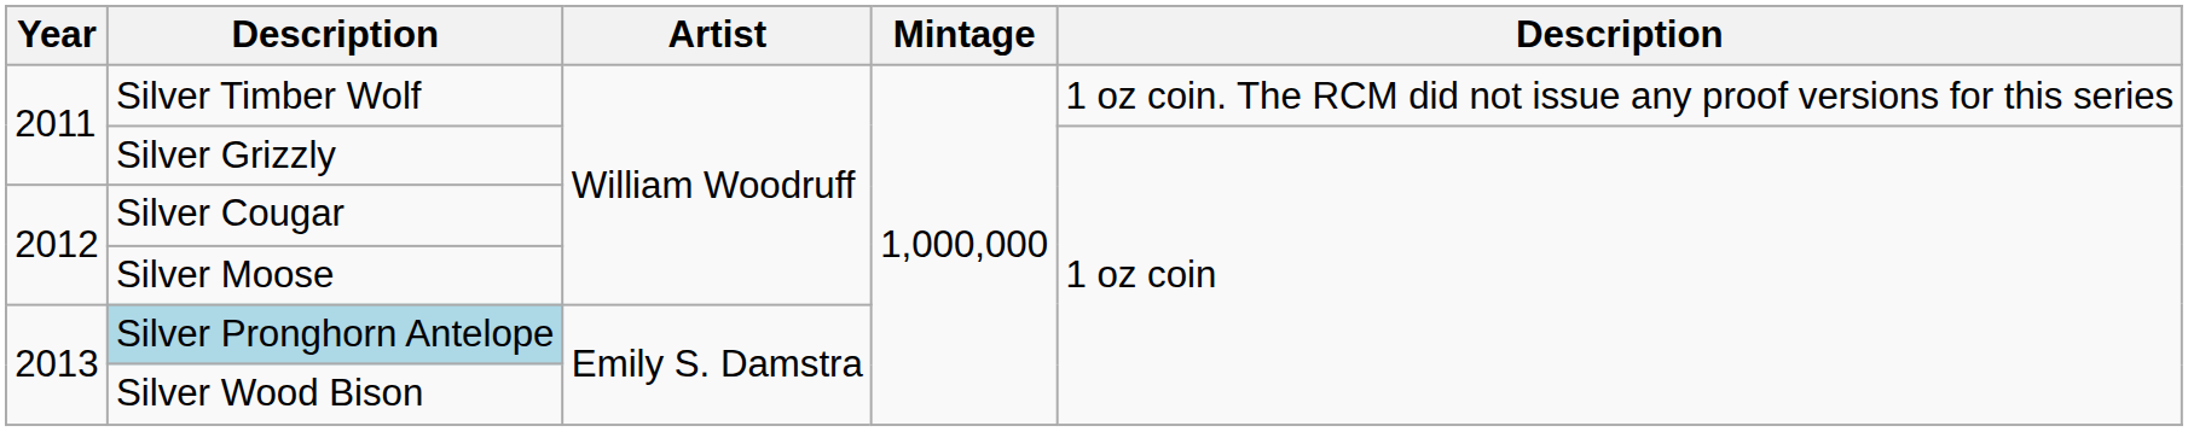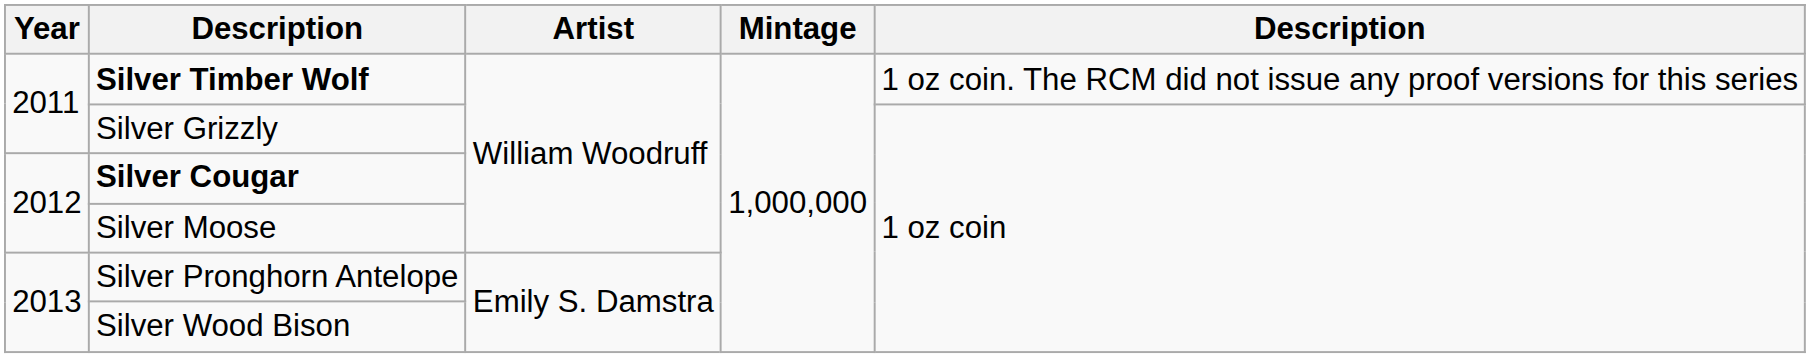 <table class="wikitable">
 <tr>
 <th>Year</th>
 <th>Description</th>
 <th>Artist</th>
 <th>Mintage</th>
 <th>Description</th>
 </tr>
 <tr>
 <td rowspan="2">2011</td>
-<td>Silver Timber Wolf</td>
+<td><strong>Silver Timber Wolf</strong></td>
 <td rowspan="4">William Woodruff</td>
 <td rowspan="6">1,000,000</td>
 <td>1 oz coin. The RCM did not issue any proof versions for this series</td>
 </tr>
 <tr>
 <td>Silver Grizzly</td>
 <td rowspan="5">1 oz coin</td>
 </tr>
 <tr>
 <td rowspan="2">2012</td>
-<td>Silver Cougar</td>
+<td><strong>Silver Cougar</strong></td>
 </tr>
 <tr>
 <td>Silver Moose</td>
 </tr>
 <tr>
 <td rowspan="2">2013</td>
-<td style="background: lightblue;">Silver Pronghorn Antelope</td>
+<td>Silver Pronghorn Antelope</td>
 <td rowspan="2">Emily S. Damstra</td>
 </tr>
 <tr>
 <td>Silver Wood Bison</td>
 </tr>
 </table>
